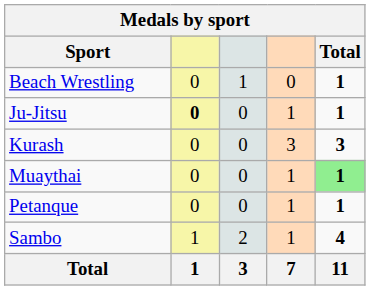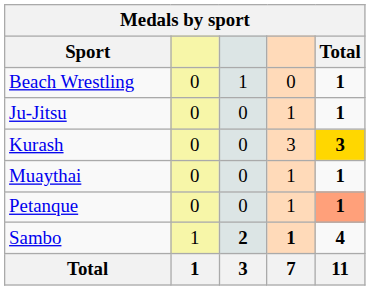 <table class="wikitable" style="font-size:90%; text-align:center;">
 <tr>
 <th colspan=5>Medals by sport</th>
 </tr>
 <tr>
 <th width=120>Sport</th>
 <th scope="col" width=30 style="background:#F7F6A8;"></th>
 <th scope="col" width=30 style="background:#DCE5E5;"></th>
 <th scope="col" width=30 style="background:#FFDAB9;"></th>
 <th width=30>Total</th>
 </tr>
 <tr>
 <td align=left> <a href='#'>Beach Wrestling</a></td>
 <td style="background:#F7F6A8;">0</td>
 <td style="background:#DCE5E5;">1</td>
 <td style="background:#FFDAB9;">0</td>
 <td><strong>1</strong></td>
 </tr>
 <tr>
 <td align=left> <a href='#'>Ju-Jitsu</a></td>
-<td style="background:#F7F6A8;"><strong>0</strong></td>
+<td style="background:#F7F6A8;">0</td>
 <td style="background:#DCE5E5;">0</td>
 <td style="background:#FFDAB9;">1</td>
 <td><strong>1</strong></td>
 </tr>
 <tr>
 <td align=left> <a href='#'>Kurash</a></td>
 <td style="background:#F7F6A8;">0</td>
 <td style="background:#DCE5E5;">0</td>
 <td style="background:#FFDAB9;">3</td>
-<td><strong>3</strong></td>
+<td style="background: gold;"><strong>3</strong></td>
 </tr>
 <tr>
 <td align=left> <a href='#'>Muaythai</a></td>
 <td style="background:#F7F6A8;">0</td>
 <td style="background:#DCE5E5;">0</td>
 <td style="background:#FFDAB9;">1</td>
-<td style="background: lightgreen;"><strong>1</strong></td>
+<td><strong>1</strong></td>
 </tr>
 <tr>
 <td align=left> <a href='#'>Petanque</a></td>
 <td style="background:#F7F6A8;">0</td>
 <td style="background:#DCE5E5;">0</td>
 <td style="background:#FFDAB9;">1</td>
-<td><strong>1</strong></td>
+<td style="background: lightsalmon;"><strong>1</strong></td>
 </tr>
 <tr>
 <td align=left> <a href='#'>Sambo</a></td>
 <td style="background:#F7F6A8;">1</td>
-<td style="background:#DCE5E5;">2</td>
-<td style="background:#FFDAB9;">1</td>
+<td style="background:#DCE5E5;"><strong>2</strong></td>
+<td style="background:#FFDAB9;"><strong>1</strong></td>
 <td><strong>4</strong></td>
 </tr>
 <tr class="sortbottom">
 <th>Total</th>
 <th>1</th>
 <th>3</th>
 <th>7</th>
 <th>11</th>
 </tr>
 </table>
